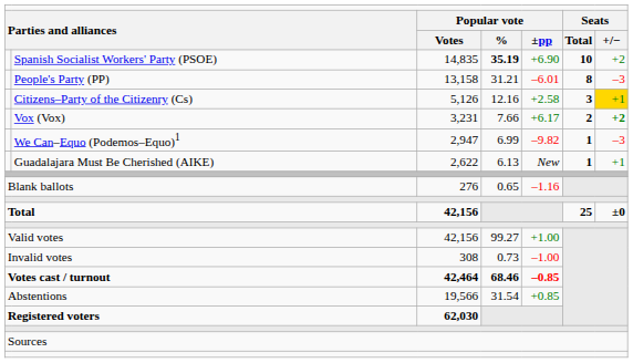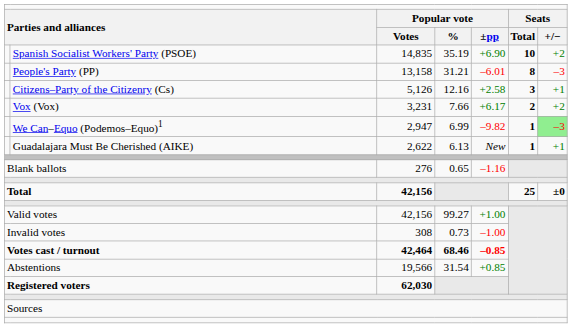 <table class="wikitable" style="text-align:right;">
 <tr>
 <td colspan="7"></td>
 </tr>
 <tr>
 <th style="text-align:left;" rowspan="2" colspan="2" width="525">Parties and alliances</th>
 <th colspan="3">Popular vote</th>
 <th colspan="2">Seats</th>
 </tr>
 <tr>
 <th width="75">Votes</th>
 <th width="45">%</th>
 <th width="45">±<a href='#'>pp</a></th>
 <th width="35">Total</th>
 <th width="35">+/−</th>
 </tr>
 <tr>
 <td width="1" style="color:inherit;background:"></td>
 <td align="left"><a href='#'>Spanish Socialist Workers' Party</a> (PSOE)</td>
 <td>14,835</td>
-<td><strong>35.19</strong></td>
+<td>35.19</td>
 <td style="color:green;">+6.90</td>
 <td><strong>10</strong></td>
 <td style="color:green;">+2</td>
 </tr>
 <tr>
 <td style="color:inherit;background:"></td>
 <td align="left"><a href='#'>People's Party</a> (PP)</td>
 <td>13,158</td>
 <td>31.21</td>
 <td style="color:red;">–6.01</td>
 <td><strong>8</strong></td>
 <td style="color:red;">–3</td>
 </tr>
 <tr>
 <td style="color:inherit;background:"></td>
 <td align="left"><a href='#'>Citizens–Party of the Citizenry</a> (Cs)</td>
 <td>5,126</td>
 <td>12.16</td>
 <td style="color:green;">+2.58</td>
 <td><strong>3</strong></td>
-<td style="background: gold; color:green;">+1</td>
+<td style="color:green;">+1</td>
 </tr>
 <tr>
 <td style="color:inherit;background:"></td>
 <td align="left"><a href='#'>Vox</a> (Vox)</td>
 <td>3,231</td>
 <td>7.66</td>
 <td style="color:green;">+6.17</td>
 <td><strong>2</strong></td>
-<td style="color:green;"><strong>+2</strong></td>
+<td style="color:green;">+2</td>
 </tr>
 <tr>
 <td style="color:inherit;background:"></td>
 <td align="left"><a href='#'>We Can</a>–<a href='#'>Equo</a> (Podemos–Equo)<sup>1</sup></td>
 <td>2,947</td>
 <td>6.99</td>
 <td style="color:red;">–9.82</td>
 <td><strong>1</strong></td>
-<td style="color:red;">–3</td>
+<td style="background: lightgreen; color:red;">–3</td>
 </tr>
 <tr>
 <td style="color:inherit;background:"></td>
 <td align="left">Guadalajara Must Be Cherished (AIKE)</td>
 <td>2,622</td>
 <td>6.13</td>
 <td><em>New</em></td>
 <td><strong>1</strong></td>
 <td style="color:green;">+1</td>
 </tr>
 <tr>
 <td colspan="7" bgcolor="#C0C0C0"></td>
 </tr>
 <tr>
 <td align="left" colspan="2">Blank ballots</td>
 <td>276</td>
 <td>0.65</td>
 <td style="color:red;">–1.16</td>
 <td bgcolor="#E9E9E9" colspan="2"></td>
 </tr>
 <tr>
 <td colspan="7" bgcolor="#E9E9E9"></td>
 </tr>
 <tr style="font-weight:bold;">
 <td align="left" colspan="2">Total</td>
 <td>42,156</td>
 <td bgcolor="#E9E9E9" colspan="2"></td>
 <td>25</td>
 <td>±0</td>
 </tr>
 <tr>
 <td colspan="7" bgcolor="#E9E9E9"></td>
 </tr>
 <tr>
 <td align="left" colspan="2">Valid votes</td>
 <td>42,156</td>
 <td>99.27</td>
 <td style="color:green;">+1.00</td>
 <td bgcolor="#E9E9E9" colspan="2" rowspan="5"></td>
 </tr>
 <tr>
 <td align="left" colspan="2">Invalid votes</td>
 <td>308</td>
 <td>0.73</td>
 <td style="color:red;">–1.00</td>
 </tr>
 <tr style="font-weight:bold;">
 <td align="left" colspan="2">Votes cast / turnout</td>
 <td>42,464</td>
 <td>68.46</td>
 <td style="color:red;">–0.85</td>
 </tr>
 <tr>
 <td align="left" colspan="2">Abstentions</td>
 <td>19,566</td>
 <td>31.54</td>
 <td style="color:green;">+0.85</td>
 </tr>
 <tr style="font-weight:bold;">
 <td align="left" colspan="2">Registered voters</td>
 <td>62,030</td>
 <td bgcolor="#E9E9E9" colspan="2"></td>
 </tr>
 <tr>
 <td colspan="7" bgcolor="#E9E9E9"></td>
 </tr>
 <tr>
 <td align="left" colspan="7">Sources</td>
 </tr>
 <tr>
 <td colspan="7" style="text-align:left; max-width:790px;"></td>
 </tr>
 </table>
